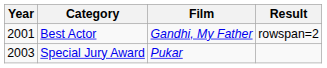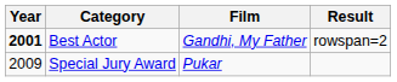 <table class="wikitable sortable">
 <tr>
 <th>Year</th>
 <th>Category</th>
 <th>Film</th>
 <th>Result</th>
 </tr>
 <tr>
-<td>2001</td>
+<td><strong>2001</strong></td>
 <td><a href='#'>Best Actor</a></td>
 <td><em><a href='#'>Gandhi, My Father</a></em></td>
 <td>rowspan=2 </td>
 </tr>
 <tr>
-<td>2003</td>
+<td>2009</td>
 <td><a href='#'>Special Jury Award</a></td>
 <td><em><a href='#'>Pukar</a></em></td>
 </tr>
 </table>
